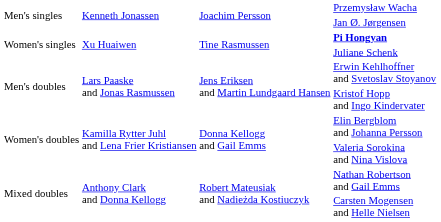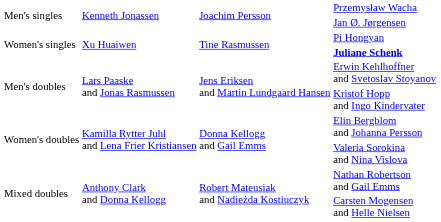 <table>
 <tr>
 <td rowspan=2>Men's singles</td>
 <td rowspan=2> <a href='#'>Kenneth Jonassen</a></td>
 <td rowspan=2> <a href='#'>Joachim Persson</a></td>
 <td> <a href='#'>Przemysław Wacha</a></td>
 </tr>
 <tr>
 <td> <a href='#'>Jan Ø. Jørgensen</a></td>
 </tr>
 <tr>
 <td rowspan=2>Women's singles</td>
 <td rowspan=2> <a href='#'>Xu Huaiwen</a></td>
 <td rowspan=2> <a href='#'>Tine Rasmussen</a></td>
-<td><strong> <a href='#'>Pi Hongyan</a></strong></td>
+<td> <a href='#'>Pi Hongyan</a></td>
 </tr>
 <tr>
-<td> <a href='#'>Juliane Schenk</a></td>
+<td><strong> <a href='#'>Juliane Schenk</a></strong></td>
 </tr>
 <tr>
 <td rowspan=2>Men's doubles</td>
 <td rowspan=2> <a href='#'>Lars Paaske</a><br>and <a href='#'>Jonas Rasmussen</a></td>
 <td rowspan=2> <a href='#'>Jens Eriksen</a><br>and <a href='#'>Martin Lundgaard Hansen</a></td>
 <td> <a href='#'>Erwin Kehlhoffner</a><br>and <a href='#'>Svetoslav Stoyanov</a></td>
 </tr>
 <tr>
 <td> <a href='#'>Kristof Hopp</a><br>and <a href='#'>Ingo Kindervater</a></td>
 </tr>
 <tr>
 <td rowspan=2>Women's doubles</td>
 <td rowspan=2> <a href='#'>Kamilla Rytter Juhl</a><br>and <a href='#'>Lena Frier Kristiansen</a></td>
 <td rowspan=2> <a href='#'>Donna Kellogg</a><br>and <a href='#'>Gail Emms</a></td>
 <td> <a href='#'>Elin Bergblom</a><br>and <a href='#'>Johanna Persson</a></td>
 </tr>
 <tr>
 <td> <a href='#'>Valeria Sorokina</a><br>and <a href='#'>Nina Vislova</a></td>
 </tr>
 <tr>
 <td rowspan=2>Mixed doubles</td>
 <td rowspan=2> <a href='#'>Anthony Clark</a><br>and <a href='#'>Donna Kellogg</a></td>
 <td rowspan=2> <a href='#'>Robert Mateusiak</a><br>and <a href='#'>Nadieżda Kostiuczyk</a></td>
 <td> <a href='#'>Nathan Robertson</a><br>and <a href='#'>Gail Emms</a></td>
 </tr>
 <tr>
 <td> <a href='#'>Carsten Mogensen</a><br>and <a href='#'>Helle Nielsen</a></td>
 </tr>
 </table>
